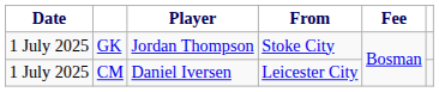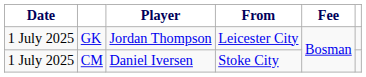 <table class="wikitable plainrowheaders sortable">
 <tr>
 <th style="background-color:#ffffff;color:#00005a; ">Date</th>
 <th style="background-color:#ffffff;color:#00005a; "></th>
 <th style="background-color:#ffffff;color:#00005a; ">Player</th>
 <th style="background-color:#ffffff;color:#00005a; ">From</th>
 <th style="background-color:#ffffff;color:#00005a; ">Fee</th>
 <th style="background-color:#ffffff;color:#00005a; "></th>
 </tr>
 <tr>
 <td>1 July 2025</td>
 <td><a href='#'>GK</a></td>
 <td> <a href='#'>Jordan Thompson</a></td>
-<td> <a href='#'>Stoke City</a></td>
+<td> <a href='#'>Leicester City</a></td>
 <td rowspan="2"><a href='#'>Bosman</a></td>
 <td></td>
 </tr>
 <tr>
 <td>1 July 2025</td>
 <td><a href='#'>CM</a></td>
 <td> <a href='#'>Daniel Iversen</a></td>
-<td> <a href='#'>Leicester City</a></td>
+<td> <a href='#'>Stoke City</a></td>
 <td></td>
 </tr>
 </table>
